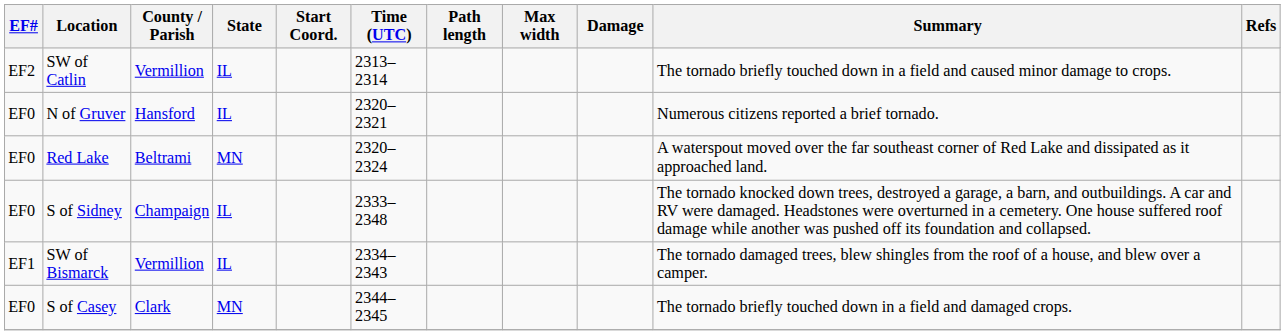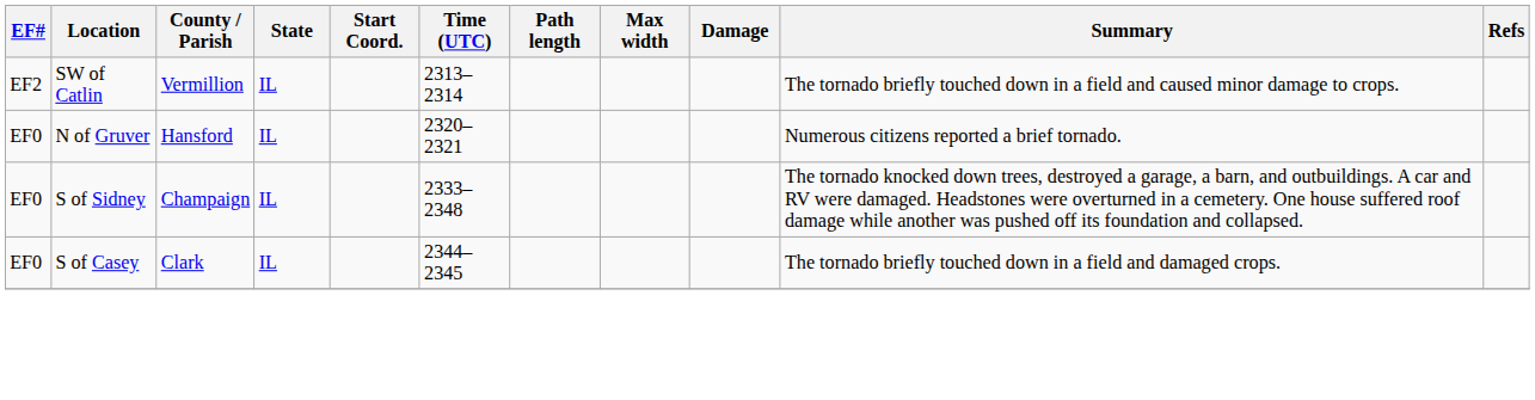 <table class="wikitable sortable" style="width:100%;">
 <tr>
 <th scope="col"  style="width:3%; text-align:center;"><a href='#'>EF#</a></th>
 <th scope="col"  style="width:7%; text-align:center;" class="unsortable">Location</th>
 <th scope="col"  style="width:6%; text-align:center;" class="unsortable">County / Parish</th>
 <th scope="col"  style="width:5%; text-align:center;">State</th>
 <th scope="col"  style="width:6%; text-align:center;">Start Coord.</th>
 <th scope="col"  style="width:6%; text-align:center;">Time (<a href='#'>UTC</a>)</th>
 <th scope="col"  style="width:6%; text-align:center;">Path length</th>
 <th scope="col"  style="width:6%; text-align:center;">Max width</th>
 <th scope="col"  style="width:6%; text-align:center;">Damage</th>
 <th scope="col" class="unsortable" style="width:48%; text-align:center;">Summary</th>
 <th scope="col" class="unsortable" style="width:48%; text-align:center;">Refs</th>
 </tr>
 <tr>
 <td>EF2</td>
 <td>SW of <a href='#'>Catlin</a></td>
 <td><a href='#'>Vermillion</a></td>
 <td><a href='#'>IL</a></td>
 <td></td>
 <td>2313–2314</td>
 <td></td>
 <td></td>
 <td></td>
 <td>The tornado briefly touched down in a field and caused minor damage to crops.</td>
 <td></td>
 </tr>
 <tr>
 <td>EF0</td>
 <td>N of <a href='#'>Gruver</a></td>
 <td><a href='#'>Hansford</a></td>
 <td><a href='#'>IL</a></td>
 <td></td>
 <td>2320–2321</td>
 <td></td>
 <td></td>
 <td></td>
 <td>Numerous citizens reported a brief tornado.</td>
 <td></td>
 </tr>
 <tr>
 <td>EF0</td>
-<td><a href='#'>Red Lake</a></td>
-<td><a href='#'>Beltrami</a></td>
-<td><a href='#'>MN</a></td>
-<td></td>
-<td>2320–2324</td>
-<td></td>
-<td></td>
-<td></td>
-<td>A waterspout moved over the far southeast corner of Red Lake and dissipated as it approached land.</td>
-<td></td>
-</tr>
-<tr>
-<td>EF0</td>
 <td>S of <a href='#'>Sidney</a></td>
 <td><a href='#'>Champaign</a></td>
 <td><a href='#'>IL</a></td>
 <td></td>
 <td>2333–2348</td>
 <td></td>
 <td></td>
 <td></td>
 <td>The tornado knocked down trees, destroyed a garage, a barn, and outbuildings. A car and RV were damaged. Headstones were overturned in a cemetery. One house suffered roof damage while another was pushed off its foundation and collapsed.</td>
 <td></td>
 </tr>
 <tr>
-<td>EF1</td>
-<td>SW of <a href='#'>Bismarck</a></td>
-<td><a href='#'>Vermillion</a></td>
-<td><a href='#'>IL</a></td>
-<td></td>
-<td>2334–2343</td>
-<td></td>
-<td></td>
-<td></td>
-<td>The tornado damaged trees, blew shingles from the roof of a house, and blew over a camper.</td>
-<td></td>
-</tr>
-<tr>
 <td>EF0</td>
 <td>S of <a href='#'>Casey</a></td>
 <td><a href='#'>Clark</a></td>
-<td><a href='#'>MN</a></td>
+<td><a href='#'>IL</a></td>
 <td></td>
 <td>2344–2345</td>
 <td></td>
 <td></td>
 <td></td>
 <td>The tornado briefly touched down in a field and damaged crops.</td>
 <td></td>
 </tr>
 <tr>
 </tr>
 </table>
